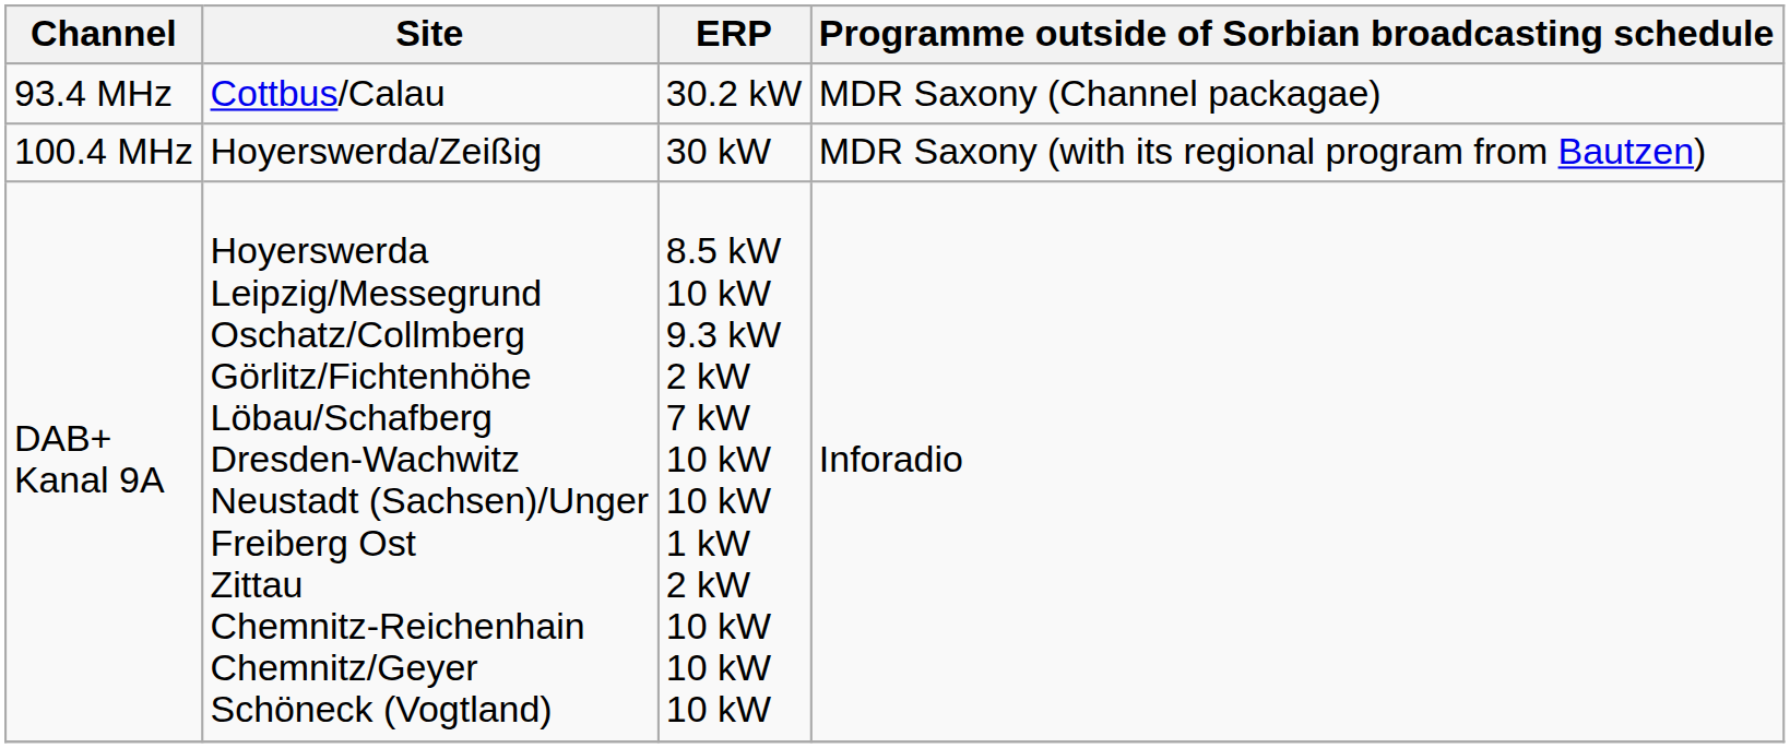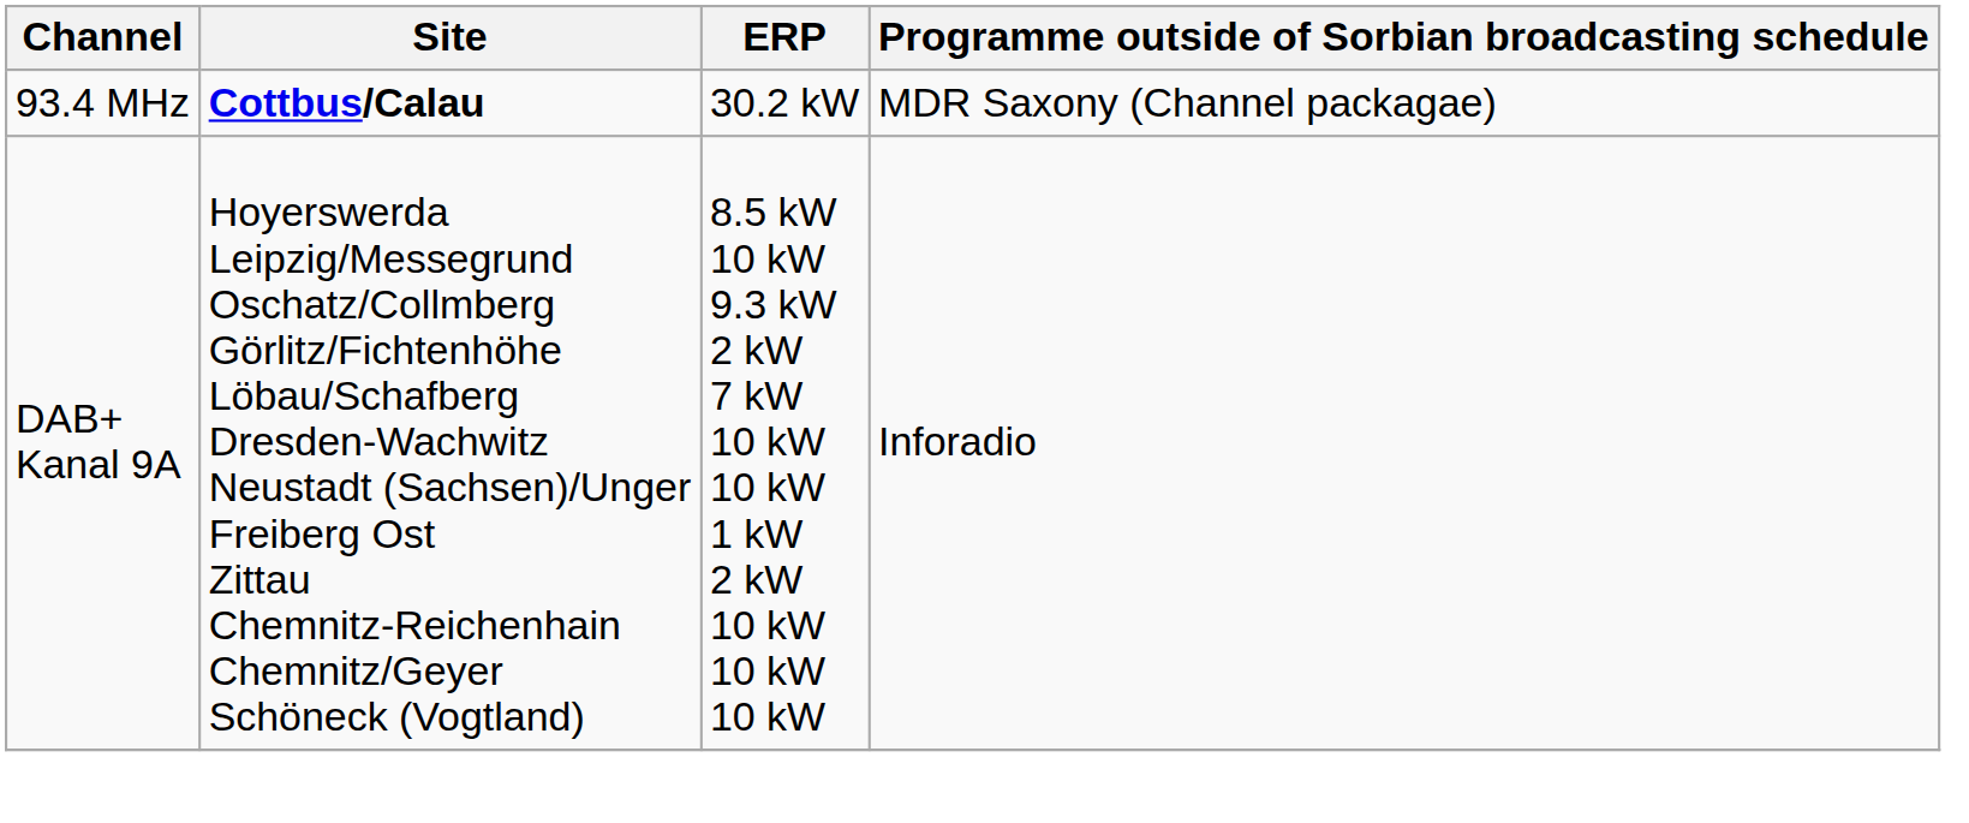 <table class="wikitable">
 <tr>
 <th>Channel</th>
 <th>Site</th>
 <th>ERP</th>
 <th>Programme outside of Sorbian broadcasting schedule</th>
 </tr>
 <tr>
 <td>93.4 MHz</td>
-<td><a href='#'>Cottbus</a>/Calau</td>
+<td><strong><a href='#'>Cottbus</a>/Calau</strong></td>
 <td>30.2 kW<br></td>
 <td>MDR Saxony (Channel packagae)</td>
-</tr>
-<tr>
-<td>100.4 MHz</td>
-<td>Hoyerswerda/Zeißig</td>
-<td>30 kW<br></td>
-<td>MDR Saxony (with its regional program from <a href='#'>Bautzen</a>)</td>
 </tr>
 <tr>
 <td>DAB+<br>Kanal 9A</td>
 <td><br>Hoyerswerda<br> Leipzig/Messegrund<br> Oschatz/Collmberg<br> Görlitz/Fichtenhöhe<br> Löbau/Schafberg<br> Dresden-Wachwitz<br> Neustadt (Sachsen)/Unger<br> Freiberg Ost<br> Zittau<br> Chemnitz-Reichenhain<br> Chemnitz/Geyer<br> Schöneck (Vogtland)<br></td>
 <td><br>8.5 kW<br> 10 kW<br> 9.3 kW<br> 2 kW<br> 7 kW<br> 10 kW<br> 10 kW<br> 1 kW<br> 2 kW<br> 10 kW<br> 10 kW<br> 10 kW<br></td>
 <td>Inforadio</td>
 </tr>
 <tr>
 </tr>
 </table>
